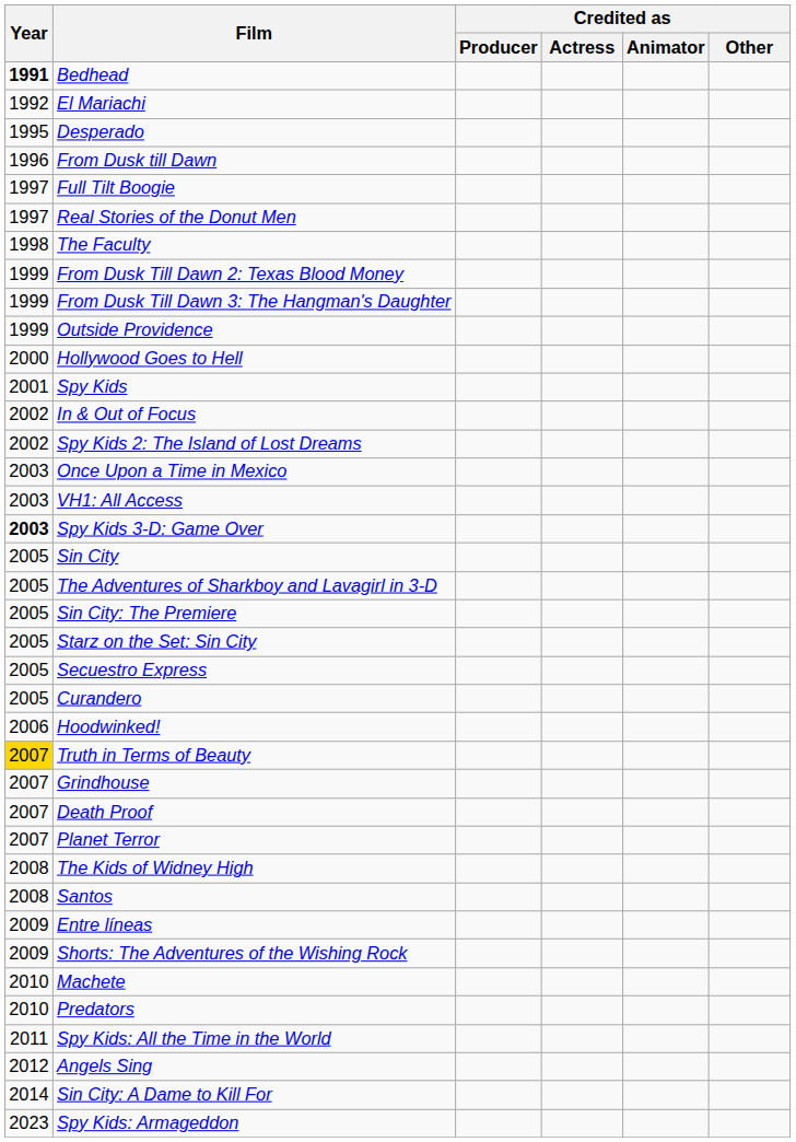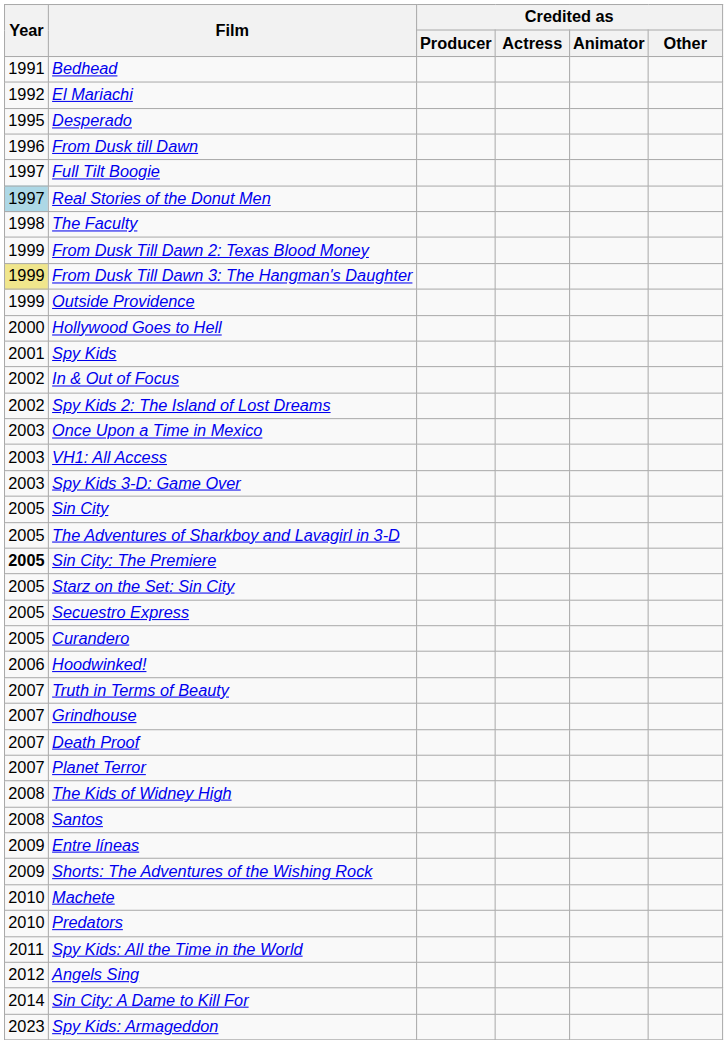 <table class="wikitable">
 <tr>
 <th rowspan="2" width="33">Year</th>
 <th rowspan="2">Film</th>
 <th colspan="4">Credited as</th>
 </tr>
 <tr>
 <th width=65>Producer</th>
 <th width=65>Actress</th>
 <th width=65>Animator</th>
 <th width=65>Other</th>
 </tr>
 <tr align="center">
-<td align="center"><strong>1991</strong></td>
+<td align="center">1991</td>
 <td align="left"><em><a href='#'>Bedhead</a></em></td>
 <td></td>
 <td></td>
 <td></td>
 <td></td>
 </tr>
 <tr align="center">
 <td align="center">1992</td>
 <td align="left"><em><a href='#'>El Mariachi</a></em></td>
 <td></td>
 <td></td>
 <td></td>
 <td></td>
 </tr>
 <tr align="center">
 <td align="center">1995</td>
 <td align="left"><em><a href='#'>Desperado</a></em></td>
 <td></td>
 <td></td>
 <td></td>
 <td></td>
 </tr>
 <tr align="center">
 <td align="center">1996</td>
 <td align="left"><em><a href='#'>From Dusk till Dawn</a></em></td>
 <td></td>
 <td></td>
 <td></td>
 <td></td>
 </tr>
 <tr align="center">
 <td align="center">1997</td>
 <td align="left"><em><a href='#'>Full Tilt Boogie</a></em></td>
 <td></td>
 <td></td>
 <td></td>
 <td></td>
 </tr>
 <tr align="center">
-<td align="center">1997</td>
+<td align="center" style="background: lightblue;">1997</td>
 <td align="left"><em><a href='#'>Real Stories of the Donut Men</a></em></td>
 <td></td>
 <td></td>
 <td></td>
 <td></td>
 </tr>
 <tr align="center">
 <td align="center">1998</td>
 <td align="left"><em><a href='#'>The Faculty</a></em></td>
 <td></td>
 <td></td>
 <td></td>
 <td></td>
 </tr>
 <tr align="center">
 <td align="center">1999</td>
 <td align="left"><em><a href='#'>From Dusk Till Dawn 2: Texas Blood Money</a></em></td>
 <td></td>
 <td></td>
 <td></td>
 <td></td>
 </tr>
 <tr align="center">
-<td align="center">1999</td>
+<td align="center" style="background: khaki;">1999</td>
 <td align="left"><em><a href='#'>From Dusk Till Dawn 3: The Hangman's Daughter</a></em></td>
 <td></td>
 <td></td>
 <td></td>
 <td></td>
 </tr>
 <tr align="center">
 <td align="center">1999</td>
 <td align="left"><em><a href='#'>Outside Providence</a></em></td>
 <td></td>
 <td></td>
 <td></td>
 <td></td>
 </tr>
 <tr align="center">
 <td align="center">2000</td>
 <td align="left"><em><a href='#'>Hollywood Goes to Hell</a></em></td>
 <td></td>
 <td></td>
 <td></td>
 <td></td>
 </tr>
 <tr align="center">
 <td align="center">2001</td>
 <td align="left"><em><a href='#'>Spy Kids</a></em></td>
 <td></td>
 <td></td>
 <td></td>
 <td></td>
 </tr>
 <tr align="center">
 <td align="center">2002</td>
 <td align="left"><em><a href='#'>In & Out of Focus</a></em></td>
 <td></td>
 <td></td>
 <td></td>
 <td></td>
 </tr>
 <tr align="center">
 <td align="center">2002</td>
 <td align="left"><em><a href='#'>Spy Kids 2: The Island of Lost Dreams</a></em></td>
 <td></td>
 <td></td>
 <td></td>
 <td></td>
 </tr>
 <tr align="center">
 <td align="center">2003</td>
 <td align="left"><em><a href='#'>Once Upon a Time in Mexico</a></em></td>
 <td></td>
 <td></td>
 <td></td>
 <td></td>
 </tr>
 <tr align="center">
 <td align="center">2003</td>
 <td align="left"><em><a href='#'>VH1: All Access</a></em></td>
 <td></td>
 <td></td>
 <td></td>
 <td></td>
 </tr>
 <tr align="center">
-<td align="center"><strong>2003</strong></td>
+<td align="center">2003</td>
 <td align="left"><em><a href='#'>Spy Kids 3-D: Game Over</a></em></td>
 <td></td>
 <td></td>
 <td></td>
 <td></td>
 </tr>
 <tr align="center">
 <td align="center">2005</td>
 <td align="left"><em><a href='#'>Sin City</a></em></td>
 <td></td>
 <td></td>
 <td></td>
 <td></td>
 </tr>
 <tr align="center">
 <td align="center">2005</td>
 <td align="left"><em><a href='#'>The Adventures of Sharkboy and Lavagirl in 3-D</a></em></td>
 <td></td>
 <td></td>
 <td></td>
 <td></td>
 </tr>
 <tr align="center">
-<td align="center">2005</td>
+<td align="center"><strong>2005</strong></td>
 <td align="left"><em><a href='#'>Sin City: The Premiere</a></em></td>
 <td></td>
 <td></td>
 <td></td>
 <td></td>
 </tr>
 <tr align="center">
 <td align="center">2005</td>
 <td align="left"><em><a href='#'>Starz on the Set: Sin City</a></em></td>
 <td></td>
 <td></td>
 <td></td>
 <td></td>
 </tr>
 <tr align="center">
 <td align="center">2005</td>
 <td align="left"><em><a href='#'>Secuestro Express</a></em></td>
 <td></td>
 <td></td>
 <td></td>
 <td></td>
 </tr>
 <tr align="center">
 <td align="center">2005</td>
 <td align="left"><em><a href='#'>Curandero</a></em></td>
 <td></td>
 <td></td>
 <td></td>
 <td></td>
 </tr>
 <tr>
 <td>2006</td>
 <td><em><a href='#'>Hoodwinked!</a></em></td>
 <td></td>
 <td></td>
 <td></td>
 <td></td>
 </tr>
 <tr align="center">
-<td align="center" style="background: gold;">2007</td>
+<td align="center">2007</td>
 <td align="left"><em><a href='#'>Truth in Terms of Beauty</a></em></td>
 <td></td>
 <td></td>
 <td></td>
 <td></td>
 </tr>
 <tr align="center">
 <td align="center">2007</td>
 <td align="left"><em><a href='#'>Grindhouse</a></em></td>
 <td></td>
 <td></td>
 <td></td>
 <td></td>
 </tr>
 <tr align="center">
 <td align="center">2007</td>
 <td align="left"><em><a href='#'>Death Proof</a></em></td>
 <td></td>
 <td></td>
 <td></td>
 <td></td>
 </tr>
 <tr align="center">
 <td align="center">2007</td>
 <td align="left"><em><a href='#'>Planet Terror</a></em></td>
 <td></td>
 <td></td>
 <td></td>
 <td></td>
 </tr>
 <tr align="center">
 <td align="center">2008</td>
 <td align="left"><em><a href='#'>The Kids of Widney High</a></em></td>
 <td></td>
 <td></td>
 <td></td>
 <td></td>
 </tr>
 <tr align="center">
 <td align="center">2008</td>
 <td align="left"><em><a href='#'>Santos</a></em></td>
 <td></td>
 <td></td>
 <td></td>
 <td></td>
 </tr>
 <tr align="center">
 <td align="center">2009</td>
 <td align="left"><em><a href='#'>Entre líneas</a></em></td>
 <td></td>
 <td></td>
 <td></td>
 <td></td>
 </tr>
 <tr align="center">
 <td align="center">2009</td>
 <td align="left"><em><a href='#'>Shorts: The Adventures of the Wishing Rock</a></em></td>
 <td></td>
 <td></td>
 <td></td>
 <td></td>
 </tr>
 <tr align="center">
 <td align="center">2010</td>
 <td align="left"><em><a href='#'>Machete</a></em></td>
 <td></td>
 <td></td>
 <td></td>
 <td></td>
 </tr>
 <tr align="center">
 <td align="center">2010</td>
 <td align="left"><em><a href='#'>Predators</a></em></td>
 <td></td>
 <td></td>
 <td></td>
 <td></td>
 </tr>
 <tr align="center">
 <td align="center">2011</td>
 <td align="left"><em><a href='#'>Spy Kids: All the Time in the World</a></em></td>
 <td></td>
 <td></td>
 <td></td>
 <td></td>
 </tr>
 <tr align="center">
 <td align="center">2012</td>
 <td align="left"><em><a href='#'>Angels Sing</a></em></td>
 <td></td>
 <td></td>
 <td></td>
 <td></td>
 </tr>
 <tr align="center">
 <td align="center">2014</td>
 <td align="left"><em><a href='#'>Sin City: A Dame to Kill For</a></em></td>
 <td></td>
 <td></td>
 <td></td>
 <td></td>
 </tr>
 <tr align="center">
 <td align="center">2023</td>
 <td align="left"><em><a href='#'>Spy Kids: Armageddon</a></em></td>
 <td></td>
 <td></td>
 <td></td>
 <td></td>
 </tr>
 </table>
